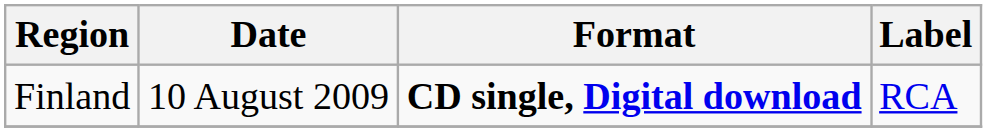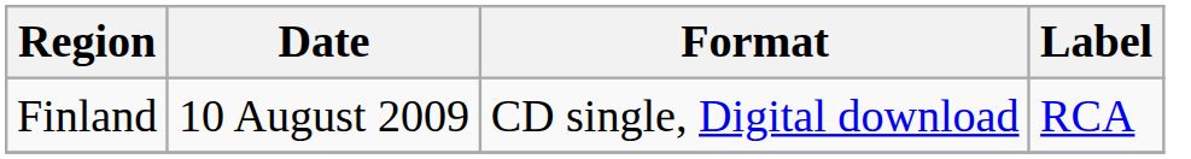 <table class=wikitable>
 <tr>
 <th>Region</th>
 <th>Date</th>
 <th>Format</th>
 <th>Label</th>
 </tr>
 <tr>
 <td>Finland</td>
 <td>10 August 2009</td>
-<td><strong>CD single, <a href='#'>Digital download</a></strong></td>
+<td>CD single, <a href='#'>Digital download</a></td>
 <td><a href='#'>RCA</a></td>
 </tr>
 <tr>
 </tr>
 </table>
